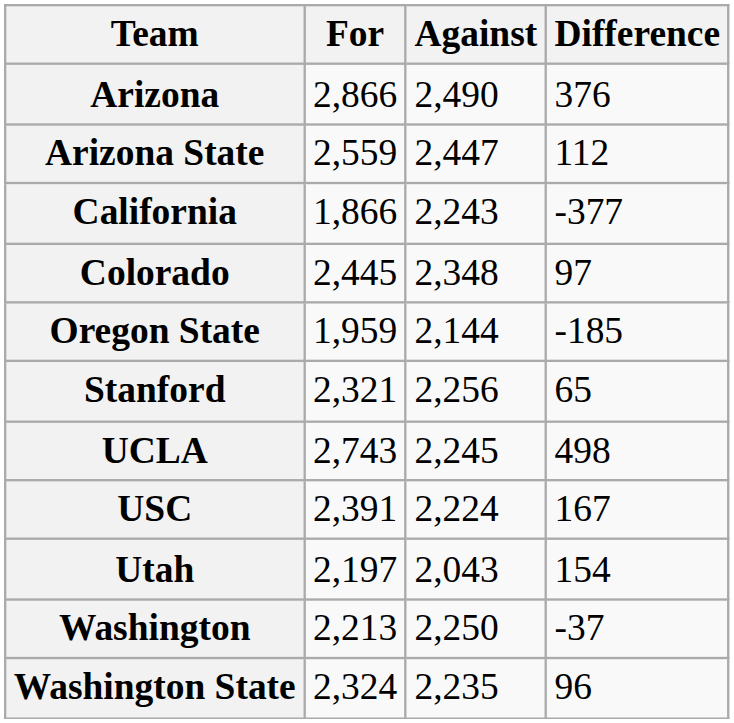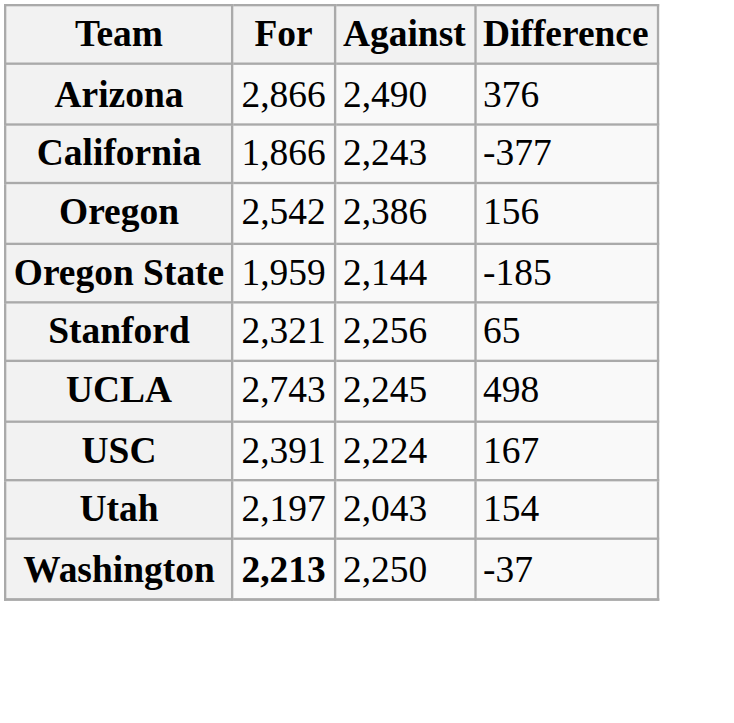 <table class="wikitable sortable">
 <tr>
 <th scope="col">Team</th>
 <th scope="col">For</th>
 <th scope="col">Against</th>
 <th scope="col">Difference</th>
 </tr>
 <tr>
 <th>Arizona</th>
 <td>2,866</td>
 <td>2,490</td>
 <td>376</td>
 </tr>
 <tr>
-<th>Arizona State</th>
-<td>2,559</td>
-<td>2,447</td>
-<td>112</td>
-</tr>
-<tr>
 <th>California</th>
 <td>1,866</td>
 <td>2,243</td>
 <td>-377</td>
 </tr>
 <tr>
-<th>Colorado</th>
-<td>2,445</td>
-<td>2,348</td>
-<td>97</td>
+<th>Oregon</th>
+<td>2,542</td>
+<td>2,386</td>
+<td>156</td>
 </tr>
 <tr>
 <th>Oregon State</th>
 <td>1,959</td>
 <td>2,144</td>
 <td>-185</td>
 </tr>
 <tr>
 <th>Stanford</th>
 <td>2,321</td>
 <td>2,256</td>
 <td>65</td>
 </tr>
 <tr>
 <th>UCLA</th>
 <td>2,743</td>
 <td>2,245</td>
 <td>498</td>
 </tr>
 <tr>
 <th>USC</th>
 <td>2,391</td>
 <td>2,224</td>
 <td>167</td>
 </tr>
 <tr>
 <th>Utah</th>
 <td>2,197</td>
 <td>2,043</td>
 <td>154</td>
 </tr>
 <tr>
 <th>Washington</th>
-<td>2,213</td>
+<td><strong>2,213</strong></td>
 <td>2,250</td>
 <td>-37</td>
 </tr>
 <tr>
-<th>Washington State</th>
-<td>2,324</td>
-<td>2,235</td>
-<td>96</td>
-</tr>
-<tr>
 </tr>
 </table>
